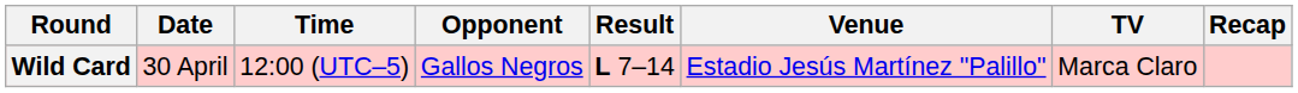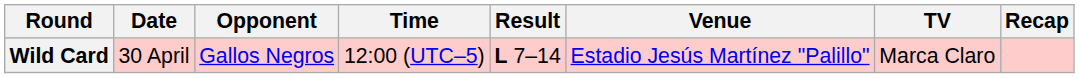 <table class="wikitable" style="text-align:center">
 <tr>
 <th>Round</th>
 <th>Date</th>
+<th>Opponent</th>
 <th>Time</th>
-<th>Opponent</th>
 <th>Result</th>
 <th>Venue</th>
 <th>TV</th>
 <th>Recap</th>
 </tr>
 <tr style="background:#fcc">
 <th>Wild Card</th>
 <td>30 April</td>
+<td><a href='#'>Gallos Negros</a></td>
 <td>12:00 (<a href='#'>UTC–5</a>)</td>
-<td><a href='#'>Gallos Negros</a></td>
 <td><strong>L</strong> 7–14</td>
 <td><a href='#'>Estadio Jesús Martínez "Palillo"</a></td>
 <td>Marca Claro</td>
 <td></td>
 </tr>
 </table>
